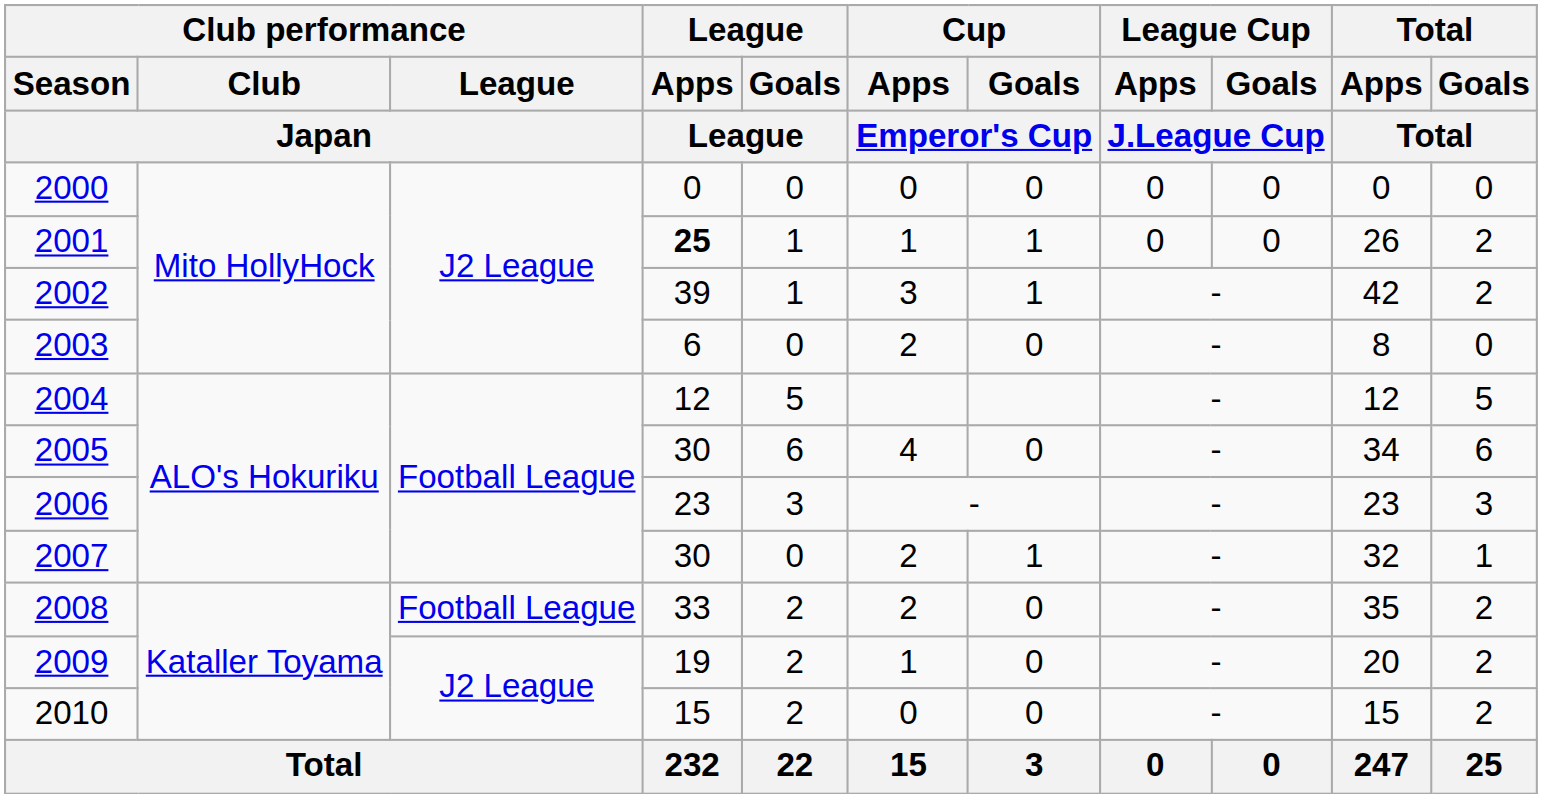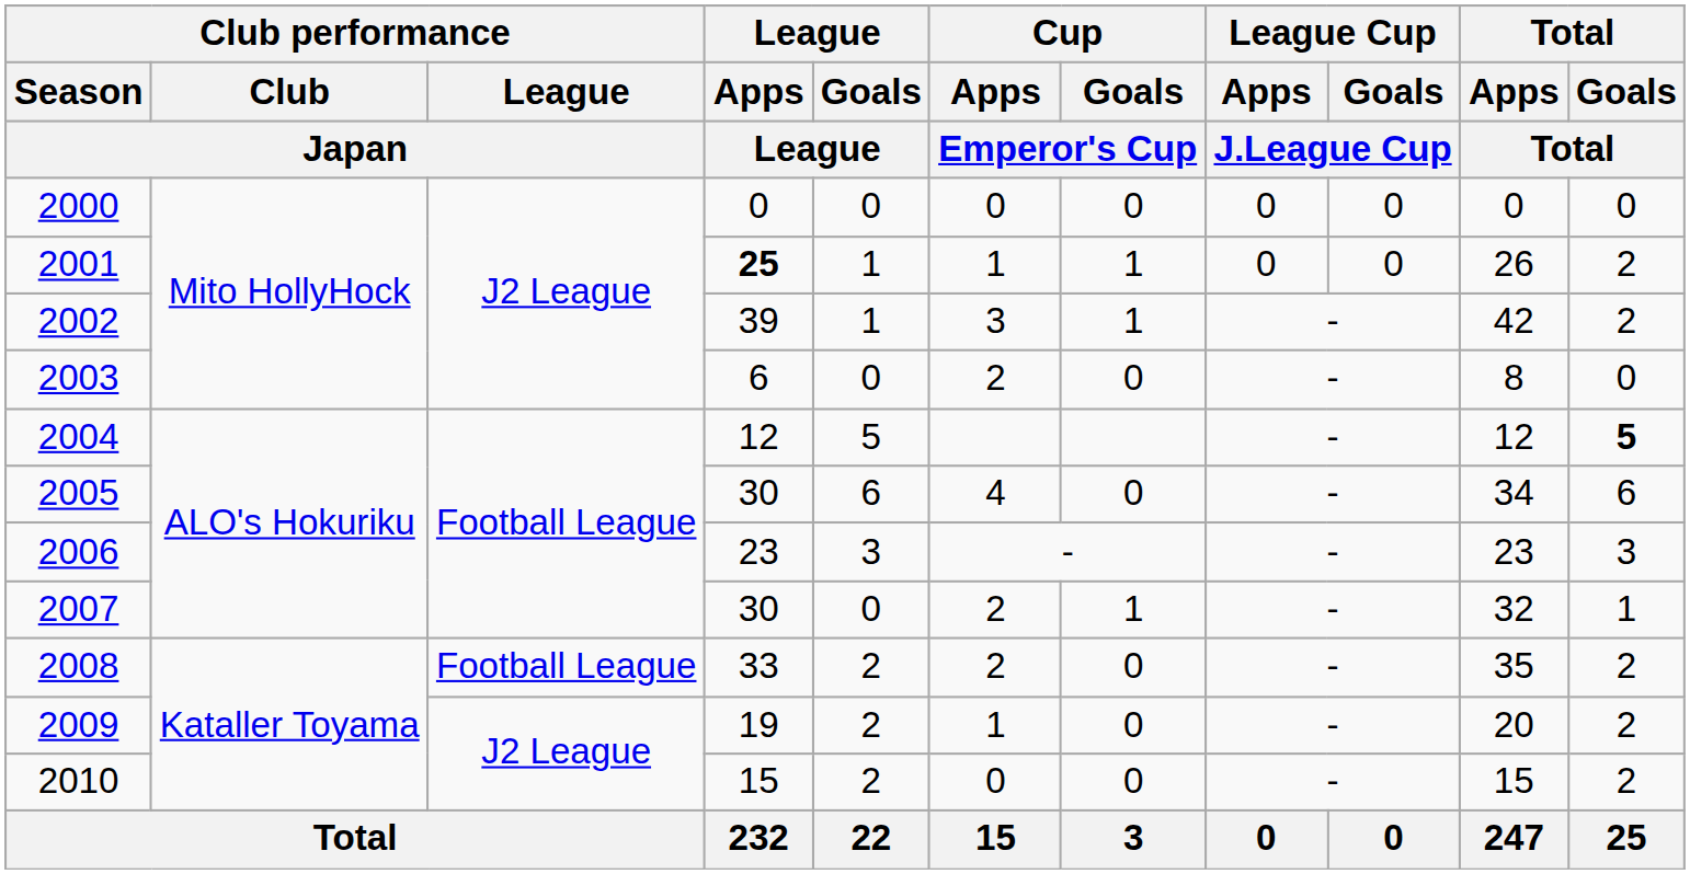 <table class="wikitable" style="text-align:center;">
 <tr>
 <th colspan=3>Club performance</th>
 <th colspan=2>League</th>
 <th colspan=2>Cup</th>
 <th colspan=2>League Cup</th>
 <th colspan=2>Total</th>
 </tr>
 <tr>
 <th>Season</th>
 <th>Club</th>
 <th>League</th>
 <th>Apps</th>
 <th>Goals</th>
 <th>Apps</th>
 <th>Goals</th>
 <th>Apps</th>
 <th>Goals</th>
 <th>Apps</th>
 <th>Goals</th>
 </tr>
 <tr>
 <th colspan=3>Japan</th>
 <th colspan=2>League</th>
 <th colspan=2><a href='#'>Emperor's Cup</a></th>
 <th colspan=2><a href='#'>J.League Cup</a></th>
 <th colspan=2>Total</th>
 </tr>
 <tr>
 <td><a href='#'>2000</a></td>
 <td rowspan="4"><a href='#'>Mito HollyHock</a></td>
 <td rowspan="4"><a href='#'>J2 League</a></td>
 <td>0</td>
 <td>0</td>
 <td>0</td>
 <td>0</td>
 <td>0</td>
 <td>0</td>
 <td>0</td>
 <td>0</td>
 </tr>
 <tr>
 <td><a href='#'>2001</a></td>
 <td><strong>25</strong></td>
 <td>1</td>
 <td>1</td>
 <td>1</td>
 <td>0</td>
 <td>0</td>
 <td>26</td>
 <td>2</td>
 </tr>
 <tr>
 <td><a href='#'>2002</a></td>
 <td>39</td>
 <td>1</td>
 <td>3</td>
 <td>1</td>
 <td colspan="2">-</td>
 <td>42</td>
 <td>2</td>
 </tr>
 <tr>
 <td><a href='#'>2003</a></td>
 <td>6</td>
 <td>0</td>
 <td>2</td>
 <td>0</td>
 <td colspan="2">-</td>
 <td>8</td>
 <td>0</td>
 </tr>
 <tr>
 <td><a href='#'>2004</a></td>
 <td rowspan="4"><a href='#'>ALO's Hokuriku</a></td>
 <td rowspan="4"><a href='#'>Football League</a></td>
 <td>12</td>
 <td>5</td>
 <td></td>
 <td></td>
 <td colspan="2">-</td>
 <td>12</td>
-<td>5</td>
+<td><strong>5</strong></td>
 </tr>
 <tr>
 <td><a href='#'>2005</a></td>
 <td>30</td>
 <td>6</td>
 <td>4</td>
 <td>0</td>
 <td colspan="2">-</td>
 <td>34</td>
 <td>6</td>
 </tr>
 <tr>
 <td><a href='#'>2006</a></td>
 <td>23</td>
 <td>3</td>
 <td colspan="2">-</td>
 <td colspan="2">-</td>
 <td>23</td>
 <td>3</td>
 </tr>
 <tr>
 <td><a href='#'>2007</a></td>
 <td>30</td>
 <td>0</td>
 <td>2</td>
 <td>1</td>
 <td colspan="2">-</td>
 <td>32</td>
 <td>1</td>
 </tr>
 <tr>
 <td><a href='#'>2008</a></td>
 <td rowspan="3"><a href='#'>Kataller Toyama</a></td>
 <td><a href='#'>Football League</a></td>
 <td>33</td>
 <td>2</td>
 <td>2</td>
 <td>0</td>
 <td colspan="2">-</td>
 <td>35</td>
 <td>2</td>
 </tr>
 <tr>
 <td><a href='#'>2009</a></td>
 <td rowspan="2"><a href='#'>J2 League</a></td>
 <td>19</td>
 <td>2</td>
 <td>1</td>
 <td>0</td>
 <td colspan="2">-</td>
 <td>20</td>
 <td>2</td>
 </tr>
 <tr>
 <td>2010</td>
 <td>15</td>
 <td>2</td>
 <td>0</td>
 <td>0</td>
 <td colspan="2">-</td>
 <td>15</td>
 <td>2</td>
 </tr>
 <tr>
 <th colspan=3>Total</th>
 <th>232</th>
 <th>22</th>
 <th>15</th>
 <th>3</th>
 <th>0</th>
 <th>0</th>
 <th>247</th>
 <th>25</th>
 </tr>
 </table>
